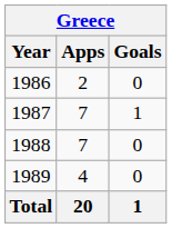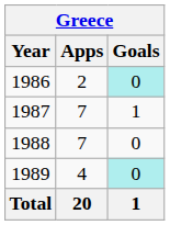 <table class="wikitable" style="text-align:center">
 <tr>
 <th colspan=3><a href='#'>Greece</a></th>
 </tr>
 <tr>
 <th>Year</th>
 <th>Apps</th>
 <th>Goals</th>
 </tr>
 <tr>
 <td>1986</td>
 <td>2</td>
-<td>0</td>
+<td style="background: paleturquoise;">0</td>
 </tr>
 <tr>
 <td>1987</td>
 <td>7</td>
 <td>1</td>
 </tr>
 <tr>
 <td>1988</td>
 <td>7</td>
 <td>0</td>
 </tr>
 <tr>
 <td>1989</td>
 <td>4</td>
-<td>0</td>
+<td style="background: paleturquoise;">0</td>
 </tr>
 <tr>
 <th>Total</th>
 <th>20</th>
 <th>1</th>
 </tr>
 </table>
